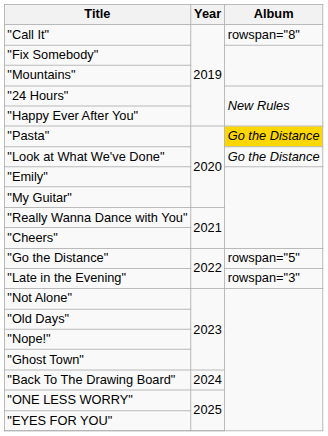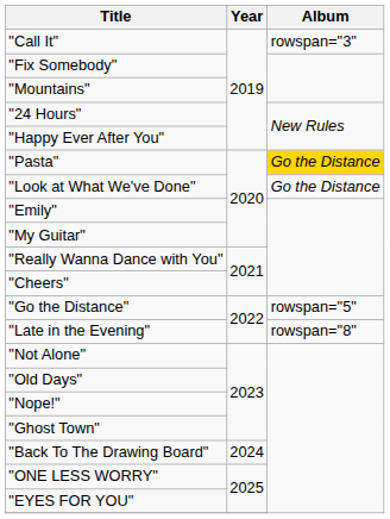 <table class="wikitable">
 <tr>
 <th>Title</th>
 <th>Year</th>
 <th>Album</th>
 </tr>
 <tr>
 <td>"Call It"</td>
 <td rowspan="5">2019</td>
-<td>rowspan="8" </td>
+<td>rowspan="3" </td>
 </tr>
 <tr>
 <td>"Fix Somebody"</td>
 </tr>
 <tr>
 <td>"Mountains"</td>
 </tr>
 <tr>
 <td>"24 Hours"</td>
 <td rowspan="2"><em>New Rules</em></td>
 </tr>
 <tr>
 <td>"Happy Ever After You"</td>
 </tr>
 <tr>
 <td>"Pasta"</td>
 <td rowspan="4">2020</td>
 <td style="background: gold;"><em>Go the Distance</em></td>
 </tr>
 <tr>
 <td>"Look at What We've Done"</td>
 <td><em>Go the Distance</em></td>
 </tr>
 <tr>
 <td>"Emily"</td>
 </tr>
 <tr>
 <td>"My Guitar"</td>
 </tr>
 <tr>
 <td>"Really Wanna Dance with You"</td>
 <td rowspan="2">2021</td>
 </tr>
 <tr>
 <td>"Cheers"</td>
 </tr>
 <tr>
 <td>"Go the Distance"</td>
 <td rowspan="2">2022</td>
 <td>rowspan="5" </td>
 </tr>
 <tr>
 <td>"Late in the Evening"</td>
-<td>rowspan="3" </td>
+<td>rowspan="8" </td>
 </tr>
 <tr>
 <td>"Not Alone"</td>
 <td rowspan="4">2023</td>
 </tr>
 <tr>
 <td>"Old Days"</td>
 </tr>
 <tr>
 <td>"Nope!"</td>
 </tr>
 <tr>
 <td>"Ghost Town"</td>
 </tr>
 <tr>
 <td>"Back To The Drawing Board"</td>
 <td rowspan="1">2024</td>
 </tr>
 <tr>
 <td>"ONE LESS WORRY"</td>
 <td rowspan="2">2025</td>
 </tr>
 <tr>
 <td>"EYES FOR YOU"</td>
 </tr>
 <tr>
 </tr>
 </table>
